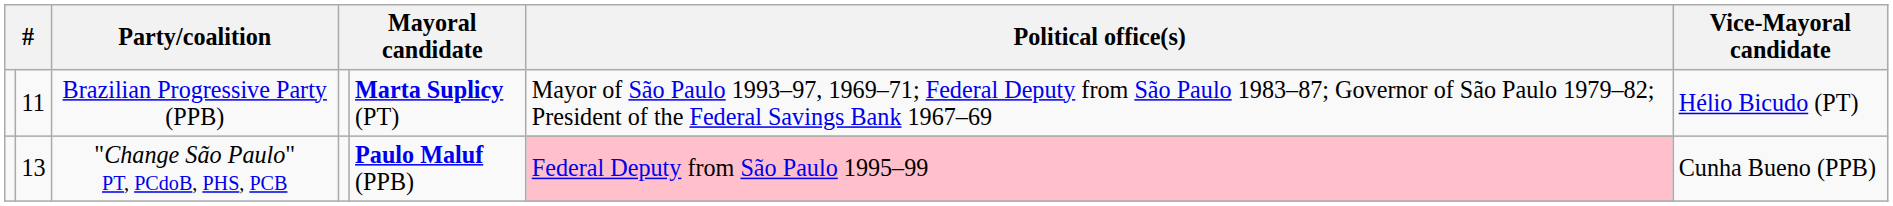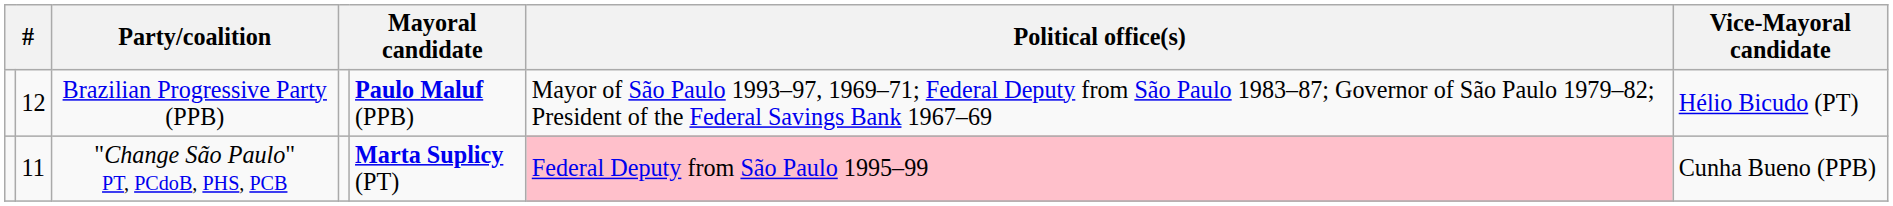 <table class="wikitable">
 <tr>
 <th colspan=2>#</th>
 <th>Party/coalition</th>
 <th colspan=2>Mayoral candidate</th>
 <th>Political office(s)</th>
 <th>Vice-Mayoral candidate</th>
 </tr>
 <tr>
 <td style="background:"></td>
-<td>11</td>
+<td>12</td>
 <td style="text-align:center;"><a href='#'>Brazilian Progressive Party</a> (PPB)</td>
 <td style="text-align:center;"></td>
-<td><strong><a href='#'>Marta Suplicy</a></strong> (PT)</td>
+<td><strong><a href='#'>Paulo Maluf</a></strong> (PPB)</td>
 <td>Mayor of <a href='#'>São Paulo</a> 1993–97, 1969–71; <a href='#'>Federal Deputy</a> from <a href='#'>São Paulo</a> 1983–87; Governor of São Paulo 1979–82; President of the <a href='#'>Federal Savings Bank</a> 1967–69</td>
 <td><a href='#'>Hélio Bicudo</a> (PT)</td>
 </tr>
 <tr>
 <td style="background:"></td>
-<td>13</td>
+<td>11</td>
 <td style="text-align:center;">"<em>Change São Paulo</em>"<br><small><a href='#'>PT</a>, <a href='#'>PCdoB</a>, <a href='#'>PHS</a>, <a href='#'>PCB</a></small></td>
 <td style="text-align:center;"></td>
-<td><strong><a href='#'>Paulo Maluf</a></strong> (PPB)</td>
+<td><strong><a href='#'>Marta Suplicy</a></strong> (PT)</td>
 <td style="background: pink;"><a href='#'>Federal Deputy</a> from <a href='#'>São Paulo</a> 1995–99</td>
 <td>Cunha Bueno (PPB)</td>
 </tr>
 </table>
